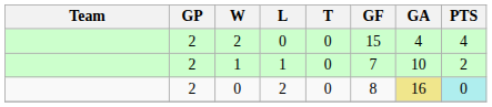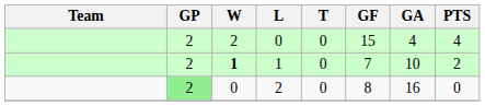 <table class="wikitable" style="text-align:center;">
 <tr>
 <th width=165>Team</th>
 <th width=40>GP</th>
 <th width=40>W</th>
 <th width=40>L</th>
 <th width=40>T</th>
 <th width=40>GF</th>
 <th width=40>GA</th>
 <th width=40>PTS</th>
 </tr>
 <tr style="background:#ccffcc">
 <td style="text-align:left;"></td>
 <td>2</td>
 <td>2</td>
 <td>0</td>
 <td>0</td>
 <td>15</td>
 <td>4</td>
 <td>4</td>
 </tr>
 <tr style="background:#ccffcc">
 <td style="text-align:left;"></td>
 <td>2</td>
-<td>1</td>
+<td><strong>1</strong></td>
 <td>1</td>
 <td>0</td>
 <td>7</td>
 <td>10</td>
 <td>2</td>
 </tr>
 <tr>
 <td style="text-align:left;"></td>
-<td>2</td>
+<td style="background: lightgreen;">2</td>
 <td>0</td>
 <td>2</td>
 <td>0</td>
 <td>8</td>
-<td style="background: khaki;">16</td>
-<td style="background: paleturquoise;">0</td>
+<td>16</td>
+<td>0</td>
 </tr>
 <tr>
 </tr>
 </table>
